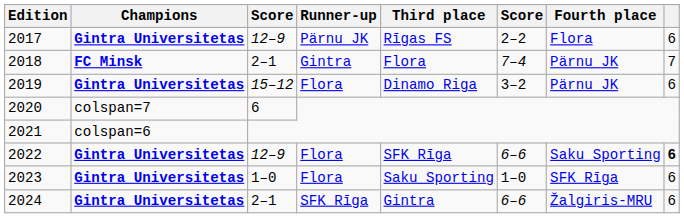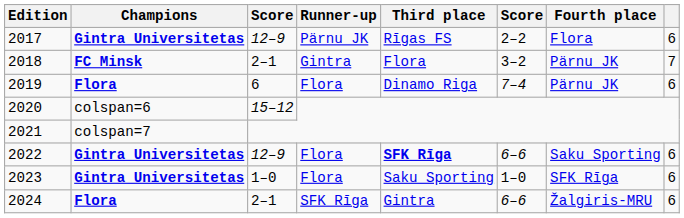 <table class="wikitable defaultleft col1center col3center col6center col8center">
 <tr>
 <th>Edition</th>
 <th>Champions</th>
 <th>Score</th>
 <th>Runner-up</th>
 <th>Third place</th>
 <th>Score</th>
 <th>Fourth place</th>
 <th></th>
 </tr>
 <tr>
 <td>2017</td>
 <td> <strong><a href='#'>Gintra Universitetas</a></strong></td>
 <td><em>12–9</em></td>
 <td> <a href='#'>Pärnu JK</a></td>
 <td> <a href='#'>Rīgas FS</a></td>
 <td>2–2<br></td>
 <td> <a href='#'>Flora</a></td>
 <td>6</td>
 </tr>
 <tr>
 <td>2018</td>
 <td> <strong><a href='#'>FC Minsk</a></strong></td>
 <td>2–1</td>
 <td> <a href='#'>Gintra</a></td>
 <td> <a href='#'>Flora</a></td>
-<td><em>7–4</em></td>
+<td>3–2</td>
 <td> <a href='#'>Pärnu JK</a></td>
 <td>7</td>
 </tr>
 <tr>
 <td>2019</td>
-<td> <strong><a href='#'>Gintra Universitetas</a></strong></td>
-<td><em>15–12</em></td>
+<td> <strong><a href='#'>Flora</a></strong></td>
+<td>6</td>
 <td> <a href='#'>Flora</a></td>
 <td> <a href='#'>Dinamo Riga</a></td>
-<td>3–2</td>
+<td><em>7–4</em></td>
 <td> <a href='#'>Pärnu JK</a></td>
 <td>6</td>
 </tr>
 <tr>
 <td>2020</td>
-<td>colspan=7 </td>
-<td>6</td>
+<td>colspan=6 </td>
+<td><em>15–12</em></td>
 </tr>
 <tr>
 <td>2021</td>
-<td>colspan=6 </td>
+<td>colspan=7 </td>
 </tr>
 <tr>
 <td>2022</td>
 <td> <strong><a href='#'>Gintra Universitetas</a></strong></td>
 <td><em>12–9</em></td>
 <td> <a href='#'>Flora</a></td>
-<td> <a href='#'>SFK Rīga</a></td>
+<td><strong> <a href='#'>SFK Rīga</a></strong></td>
 <td><em>6–6</em></td>
 <td> <a href='#'>Saku Sporting</a></td>
-<td><strong>6</strong></td>
+<td>6</td>
 </tr>
 <tr>
 <td>2023</td>
 <td> <strong><a href='#'>Gintra Universitetas</a></strong></td>
 <td>1–0</td>
 <td> <a href='#'>Flora</a></td>
 <td> <a href='#'>Saku Sporting</a></td>
 <td>1–0</td>
 <td> <a href='#'>SFK Rīga</a></td>
 <td>6</td>
 </tr>
 <tr>
 <td>2024</td>
-<td> <strong><a href='#'>Gintra Universitetas</a></strong></td>
+<td> <strong><a href='#'>Flora</a></strong></td>
 <td>2–1</td>
 <td> <a href='#'>SFK Rīga</a></td>
 <td> <a href='#'>Gintra</a></td>
 <td><em>6–6</em></td>
 <td> <a href='#'>Žalgiris-MRU</a></td>
 <td>6</td>
 </tr>
 </table>
